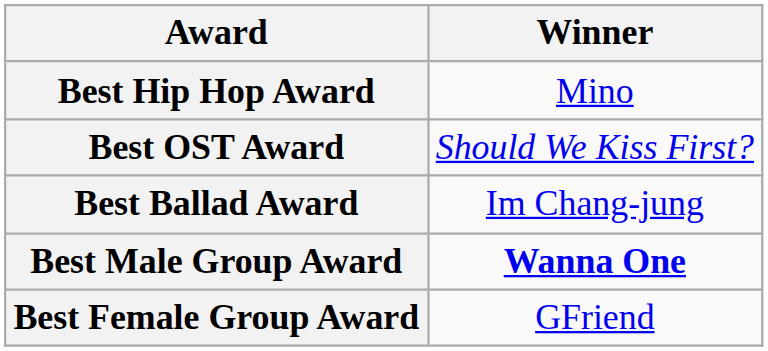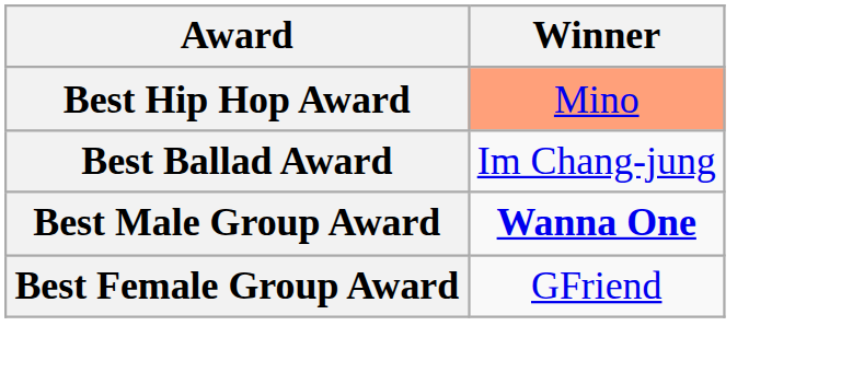 <table class="wikitable plainrowheaders" style="text-align:center">
 <tr>
 <th>Award</th>
 <th>Winner</th>
 </tr>
 <tr>
 <th scope="row">Best Hip Hop Award</th>
-<td><a href='#'>Mino</a></td>
-</tr>
-<tr>
-<th scope="row">Best OST Award <br></th>
-<td><em><a href='#'>Should We Kiss First?</a></em></td>
+<td style="background: lightsalmon;"><a href='#'>Mino</a></td>
 </tr>
 <tr>
 <th scope="row">Best Ballad Award</th>
 <td><a href='#'>Im Chang-jung</a></td>
 </tr>
 <tr>
 <th scope="row">Best Male Group Award <br></th>
 <td><strong><a href='#'>Wanna One</a></strong></td>
 </tr>
 <tr>
 <th scope="row">Best Female Group Award <br></th>
 <td><a href='#'>GFriend</a></td>
 </tr>
 </table>
